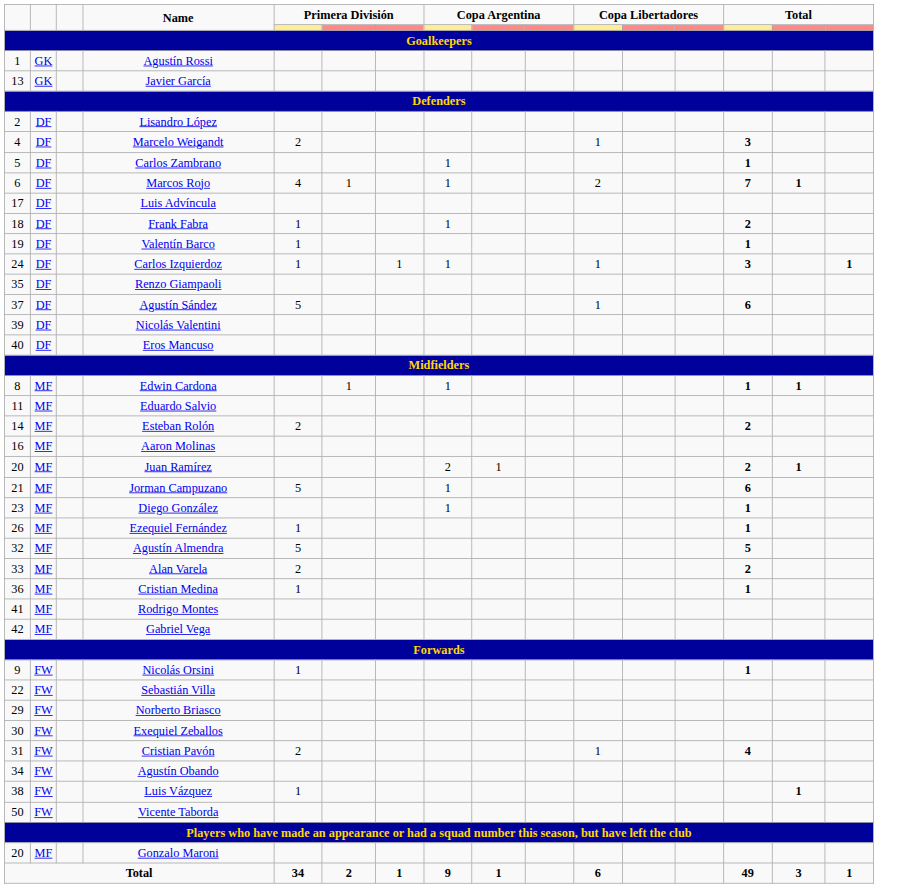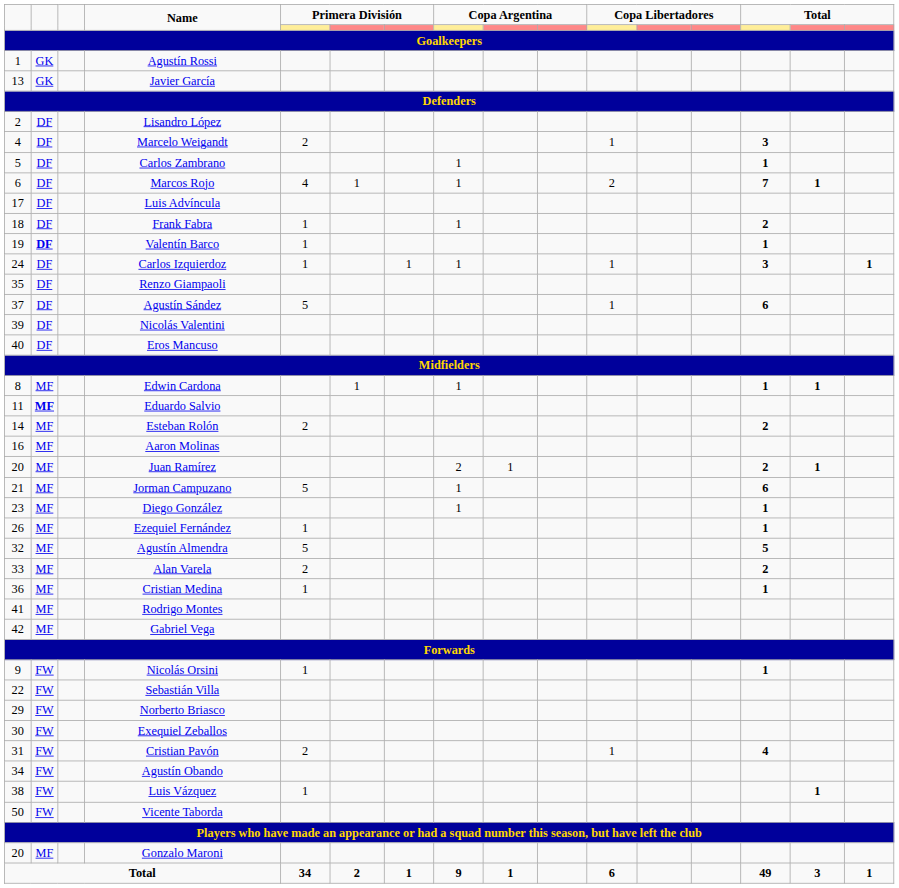 <table class="wikitable" style="font-size: 95%; text-align: center;">
 <tr>
 <td rowspan="2"  style="width:3%; text-align:center;"><strong></strong></td>
 <td rowspan="2"  style="width:3%; text-align:center;"><strong></strong></td>
 <td rowspan="2"  style="width:3%; text-align:center;"><strong></strong></td>
 <td rowspan="2"  style="width:22%; text-align:center;"><strong>Name</strong></td>
 <td colspan="3" style="text-align:center;"><strong>Primera División</strong></td>
 <td colspan="3" style="text-align:center;"><strong>Copa Argentina</strong></td>
 <td colspan="3" style="text-align:center;"><strong>Copa Libertadores</strong></td>
 <td colspan="3" style="text-align:center;"><strong>Total</strong></td>
 </tr>
 <tr>
 <th style="width:25px; background:#fe9;"></th>
 <th style="width:28px; background:#ff8888;"></th>
 <th style="width:25px; background:#ff8888;"></th>
 <th style="width:25px; background:#fe9;"></th>
 <th style="width:28px; background:#ff8888;"></th>
 <th style="width:25px; background:#ff8888;"></th>
 <th style="width:25px; background:#fe9;"></th>
 <th style="width:28px; background:#ff8888;"></th>
 <th style="width:25px; background:#ff8888;"></th>
 <th style="width:25px; background:#fe9;"></th>
 <th style="width:28px; background:#ff8888;"></th>
 <th style="width:25px; background:#ff8888;"></th>
 </tr>
 <tr>
 <th colspan="19" style="background:#00009B; color:gold; text-align:center">Goalkeepers</th>
 </tr>
 <tr>
 <td>1</td>
 <td><a href='#'>GK</a></td>
 <td></td>
 <td><a href='#'>Agustín Rossi</a></td>
 <td></td>
 <td></td>
 <td></td>
 <td></td>
 <td></td>
 <td></td>
 <td></td>
 <td></td>
 <td></td>
 <td><strong> </strong></td>
 <td><strong> </strong></td>
 <td><strong> </strong></td>
 </tr>
 <tr>
 <td>13</td>
 <td><a href='#'>GK</a></td>
 <td></td>
 <td><a href='#'>Javier García</a></td>
 <td></td>
 <td></td>
 <td></td>
 <td></td>
 <td></td>
 <td></td>
 <td></td>
 <td></td>
 <td></td>
 <td><strong> </strong></td>
 <td><strong> </strong></td>
 <td><strong> </strong></td>
 </tr>
 <tr>
 <th colspan="19" style="background:#00009B; color:gold; text-align:center">Defenders</th>
 </tr>
 <tr>
 <td>2</td>
 <td><a href='#'>DF</a></td>
 <td></td>
 <td><a href='#'>Lisandro López</a></td>
 <td></td>
 <td></td>
 <td></td>
 <td></td>
 <td></td>
 <td></td>
 <td></td>
 <td></td>
 <td></td>
 <td><strong> </strong></td>
 <td><strong> </strong></td>
 <td><strong> </strong></td>
 </tr>
 <tr>
 <td>4</td>
 <td><a href='#'>DF</a></td>
 <td></td>
 <td><a href='#'>Marcelo Weigandt</a></td>
 <td>2</td>
 <td></td>
 <td></td>
 <td></td>
 <td></td>
 <td></td>
 <td>1</td>
 <td></td>
 <td></td>
 <td><strong>3</strong></td>
 <td><strong> </strong></td>
 <td><strong> </strong></td>
 </tr>
 <tr>
 <td>5</td>
 <td><a href='#'>DF</a></td>
 <td></td>
 <td><a href='#'>Carlos Zambrano</a></td>
 <td></td>
 <td></td>
 <td></td>
 <td>1</td>
 <td></td>
 <td></td>
 <td></td>
 <td></td>
 <td></td>
 <td><strong>1</strong></td>
 <td><strong> </strong></td>
 <td><strong> </strong></td>
 </tr>
 <tr>
 <td>6</td>
 <td><a href='#'>DF</a></td>
 <td></td>
 <td><a href='#'>Marcos Rojo</a></td>
 <td>4</td>
 <td>1</td>
 <td></td>
 <td>1</td>
 <td></td>
 <td></td>
 <td>2</td>
 <td></td>
 <td></td>
 <td><strong>7</strong></td>
 <td><strong>1</strong></td>
 <td><strong> </strong></td>
 </tr>
 <tr>
 <td>17</td>
 <td><a href='#'>DF</a></td>
 <td></td>
 <td><a href='#'>Luis Advíncula</a></td>
 <td></td>
 <td></td>
 <td></td>
 <td></td>
 <td></td>
 <td></td>
 <td></td>
 <td></td>
 <td></td>
 <td><strong> </strong></td>
 <td><strong> </strong></td>
 <td><strong> </strong></td>
 </tr>
 <tr>
 <td>18</td>
 <td><a href='#'>DF</a></td>
 <td></td>
 <td><a href='#'>Frank Fabra</a></td>
 <td>1</td>
 <td></td>
 <td></td>
 <td>1</td>
 <td></td>
 <td></td>
 <td></td>
 <td></td>
 <td></td>
 <td><strong>2</strong></td>
 <td><strong> </strong></td>
 <td><strong> </strong></td>
 </tr>
 <tr>
 <td>19</td>
-<td><a href='#'>DF</a></td>
+<td><strong><a href='#'>DF</a></strong></td>
 <td></td>
 <td><a href='#'>Valentín Barco</a></td>
 <td>1</td>
 <td></td>
 <td></td>
 <td></td>
 <td></td>
 <td></td>
 <td></td>
 <td></td>
 <td></td>
 <td><strong>1</strong></td>
 <td><strong> </strong></td>
 <td><strong> </strong></td>
 </tr>
 <tr>
 <td>24</td>
 <td><a href='#'>DF</a></td>
 <td></td>
 <td><a href='#'>Carlos Izquierdoz</a></td>
 <td>1</td>
 <td></td>
 <td>1</td>
 <td>1</td>
 <td></td>
 <td></td>
 <td>1</td>
 <td></td>
 <td></td>
 <td><strong>3</strong></td>
 <td><strong> </strong></td>
 <td><strong>1</strong></td>
 </tr>
 <tr>
 <td>35</td>
 <td><a href='#'>DF</a></td>
 <td></td>
 <td><a href='#'>Renzo Giampaoli</a></td>
 <td></td>
 <td></td>
 <td></td>
 <td></td>
 <td></td>
 <td></td>
 <td></td>
 <td></td>
 <td></td>
 <td><strong> </strong></td>
 <td><strong> </strong></td>
 <td><strong> </strong></td>
 </tr>
 <tr>
 <td>37</td>
 <td><a href='#'>DF</a></td>
 <td></td>
 <td><a href='#'>Agustín Sández</a></td>
 <td>5</td>
 <td></td>
 <td></td>
 <td></td>
 <td></td>
 <td></td>
 <td>1</td>
 <td></td>
 <td></td>
 <td><strong>6</strong></td>
 <td><strong> </strong></td>
 <td><strong> </strong></td>
 </tr>
 <tr>
 <td>39</td>
 <td><a href='#'>DF</a></td>
 <td></td>
 <td><a href='#'>Nicolás Valentini</a></td>
 <td></td>
 <td></td>
 <td></td>
 <td></td>
 <td></td>
 <td></td>
 <td></td>
 <td></td>
 <td></td>
 <td><strong> </strong></td>
 <td><strong> </strong></td>
 <td><strong> </strong></td>
 </tr>
 <tr>
 <td>40</td>
 <td><a href='#'>DF</a></td>
 <td></td>
 <td><a href='#'>Eros Mancuso</a></td>
 <td></td>
 <td></td>
 <td></td>
 <td></td>
 <td></td>
 <td></td>
 <td></td>
 <td></td>
 <td></td>
 <td><strong> </strong></td>
 <td><strong> </strong></td>
 <td><strong> </strong></td>
 </tr>
 <tr>
 <th colspan="19" style="background:#00009B; color:gold; text-align:center">Midfielders</th>
 </tr>
 <tr>
 <td>8</td>
 <td><a href='#'>MF</a></td>
 <td></td>
 <td><a href='#'>Edwin Cardona</a></td>
 <td></td>
 <td>1</td>
 <td></td>
 <td>1</td>
 <td></td>
 <td></td>
 <td></td>
 <td></td>
 <td></td>
 <td><strong>1</strong></td>
 <td><strong>1</strong></td>
 <td><strong> </strong></td>
 </tr>
 <tr>
 <td>11</td>
-<td><a href='#'>MF</a></td>
+<td><strong><a href='#'>MF</a></strong></td>
 <td></td>
 <td><a href='#'>Eduardo Salvio</a></td>
 <td></td>
 <td></td>
 <td></td>
 <td></td>
 <td></td>
 <td></td>
 <td></td>
 <td></td>
 <td></td>
 <td><strong> </strong></td>
 <td><strong> </strong></td>
 <td><strong> </strong></td>
 </tr>
 <tr>
 <td>14</td>
 <td><a href='#'>MF</a></td>
 <td></td>
 <td><a href='#'>Esteban Rolón</a></td>
 <td>2</td>
 <td></td>
 <td></td>
 <td></td>
 <td></td>
 <td></td>
 <td></td>
 <td></td>
 <td></td>
 <td><strong>2</strong></td>
 <td><strong> </strong></td>
 <td><strong> </strong></td>
 </tr>
 <tr>
 <td>16</td>
 <td><a href='#'>MF</a></td>
 <td></td>
 <td><a href='#'>Aaron Molinas</a></td>
 <td></td>
 <td></td>
 <td></td>
 <td></td>
 <td></td>
 <td></td>
 <td></td>
 <td></td>
 <td></td>
 <td><strong> </strong></td>
 <td><strong> </strong></td>
 <td><strong> </strong></td>
 </tr>
 <tr>
 <td>20</td>
 <td><a href='#'>MF</a></td>
 <td></td>
 <td><a href='#'>Juan Ramírez</a></td>
 <td></td>
 <td></td>
 <td></td>
 <td>2</td>
 <td>1</td>
 <td></td>
 <td></td>
 <td></td>
 <td></td>
 <td><strong>2</strong></td>
 <td><strong>1</strong></td>
 <td><strong> </strong></td>
 </tr>
 <tr>
 <td>21</td>
 <td><a href='#'>MF</a></td>
 <td></td>
 <td><a href='#'>Jorman Campuzano</a></td>
 <td>5</td>
 <td></td>
 <td></td>
 <td>1</td>
 <td></td>
 <td></td>
 <td></td>
 <td></td>
 <td></td>
 <td><strong>6</strong></td>
 <td><strong> </strong></td>
 <td><strong> </strong></td>
 </tr>
 <tr>
 <td>23</td>
 <td><a href='#'>MF</a></td>
 <td></td>
 <td><a href='#'>Diego González</a></td>
 <td></td>
 <td></td>
 <td></td>
 <td>1</td>
 <td></td>
 <td></td>
 <td></td>
 <td></td>
 <td></td>
 <td><strong>1</strong></td>
 <td><strong> </strong></td>
 <td><strong> </strong></td>
 </tr>
 <tr>
 <td>26</td>
 <td><a href='#'>MF</a></td>
 <td></td>
 <td><a href='#'>Ezequiel Fernández</a></td>
 <td>1</td>
 <td></td>
 <td></td>
 <td></td>
 <td></td>
 <td></td>
 <td></td>
 <td></td>
 <td></td>
 <td><strong>1</strong></td>
 <td><strong> </strong></td>
 <td><strong> </strong></td>
 </tr>
 <tr>
 <td>32</td>
 <td><a href='#'>MF</a></td>
 <td></td>
 <td><a href='#'>Agustín Almendra</a></td>
 <td>5</td>
 <td></td>
 <td></td>
 <td></td>
 <td></td>
 <td></td>
 <td></td>
 <td></td>
 <td></td>
 <td><strong>5</strong></td>
 <td><strong> </strong></td>
 <td><strong> </strong></td>
 </tr>
 <tr>
 <td>33</td>
 <td><a href='#'>MF</a></td>
 <td></td>
 <td><a href='#'>Alan Varela</a></td>
 <td>2</td>
 <td></td>
 <td></td>
 <td></td>
 <td></td>
 <td></td>
 <td></td>
 <td></td>
 <td></td>
 <td><strong>2</strong></td>
 <td><strong> </strong></td>
 <td><strong> </strong></td>
 </tr>
 <tr>
 <td>36</td>
 <td><a href='#'>MF</a></td>
 <td></td>
 <td><a href='#'>Cristian Medina</a></td>
 <td>1</td>
 <td></td>
 <td></td>
 <td></td>
 <td></td>
 <td></td>
 <td></td>
 <td></td>
 <td></td>
 <td><strong>1</strong></td>
 <td><strong> </strong></td>
 <td><strong> </strong></td>
 </tr>
 <tr>
 <td>41</td>
 <td><a href='#'>MF</a></td>
 <td></td>
 <td><a href='#'>Rodrigo Montes</a></td>
 <td></td>
 <td></td>
 <td></td>
 <td></td>
 <td></td>
 <td></td>
 <td></td>
 <td></td>
 <td></td>
 <td><strong> </strong></td>
 <td><strong> </strong></td>
 <td><strong> </strong></td>
 </tr>
 <tr>
 <td>42</td>
 <td><a href='#'>MF</a></td>
 <td></td>
 <td><a href='#'>Gabriel Vega</a></td>
 <td></td>
 <td></td>
 <td></td>
 <td></td>
 <td></td>
 <td></td>
 <td></td>
 <td></td>
 <td></td>
 <td><strong> </strong></td>
 <td><strong> </strong></td>
 <td><strong> </strong></td>
 </tr>
 <tr>
 <th colspan="19" style="background:#00009B; color:gold; text-align:center">Forwards</th>
 </tr>
 <tr>
 <td>9</td>
 <td><a href='#'>FW</a></td>
 <td></td>
 <td><a href='#'>Nicolás Orsini</a></td>
 <td>1</td>
 <td></td>
 <td></td>
 <td></td>
 <td></td>
 <td></td>
 <td></td>
 <td></td>
 <td></td>
 <td><strong>1</strong></td>
 <td><strong> </strong></td>
 <td><strong> </strong></td>
 </tr>
 <tr>
 <td>22</td>
 <td><a href='#'>FW</a></td>
 <td></td>
 <td><a href='#'>Sebastián Villa</a></td>
 <td></td>
 <td></td>
 <td></td>
 <td></td>
 <td></td>
 <td></td>
 <td></td>
 <td></td>
 <td></td>
 <td><strong> </strong></td>
 <td><strong> </strong></td>
 <td><strong> </strong></td>
 </tr>
 <tr>
 <td>29</td>
 <td><a href='#'>FW</a></td>
 <td></td>
 <td><a href='#'>Norberto Briasco</a></td>
 <td></td>
 <td></td>
 <td></td>
 <td></td>
 <td></td>
 <td></td>
 <td></td>
 <td></td>
 <td></td>
 <td><strong> </strong></td>
 <td><strong> </strong></td>
 <td><strong> </strong></td>
 </tr>
 <tr>
 <td>30</td>
 <td><a href='#'>FW</a></td>
 <td></td>
 <td><a href='#'>Exequiel Zeballos</a></td>
 <td></td>
 <td></td>
 <td></td>
 <td></td>
 <td></td>
 <td></td>
 <td></td>
 <td></td>
 <td></td>
 <td><strong> </strong></td>
 <td><strong> </strong></td>
 <td><strong> </strong></td>
 </tr>
 <tr>
 <td>31</td>
 <td><a href='#'>FW</a></td>
 <td></td>
 <td><a href='#'>Cristian Pavón</a></td>
 <td>2</td>
 <td></td>
 <td></td>
 <td></td>
 <td></td>
 <td></td>
 <td>1</td>
 <td></td>
 <td></td>
 <td><strong>4</strong></td>
 <td><strong> </strong></td>
 <td><strong> </strong></td>
 </tr>
 <tr>
 <td>34</td>
 <td><a href='#'>FW</a></td>
 <td></td>
 <td><a href='#'>Agustín Obando</a></td>
 <td></td>
 <td></td>
 <td></td>
 <td></td>
 <td></td>
 <td></td>
 <td></td>
 <td></td>
 <td></td>
 <td><strong> </strong></td>
 <td><strong> </strong></td>
 <td><strong> </strong></td>
 </tr>
 <tr>
 <td>38</td>
 <td><a href='#'>FW</a></td>
 <td></td>
 <td><a href='#'>Luis Vázquez</a></td>
 <td>1</td>
 <td></td>
 <td></td>
 <td></td>
 <td></td>
 <td></td>
 <td></td>
 <td></td>
 <td></td>
 <td><strong> </strong></td>
 <td><strong>1</strong></td>
 <td><strong> </strong></td>
 </tr>
 <tr>
 <td>50</td>
 <td><a href='#'>FW</a></td>
 <td></td>
 <td><a href='#'>Vicente Taborda</a></td>
 <td></td>
 <td></td>
 <td></td>
 <td></td>
 <td></td>
 <td></td>
 <td></td>
 <td></td>
 <td></td>
 <td><strong> </strong></td>
 <td><strong> </strong></td>
 <td><strong> </strong></td>
 </tr>
 <tr>
 <th colspan="19" style="background:#00009B; color:gold; text-align:center">Players who have made an appearance or had a squad number this season, but have left the club</th>
 </tr>
 <tr>
 <td>20</td>
 <td><a href='#'>MF</a></td>
 <td></td>
 <td><a href='#'>Gonzalo Maroni</a></td>
 <td></td>
 <td></td>
 <td></td>
 <td></td>
 <td></td>
 <td></td>
 <td></td>
 <td></td>
 <td></td>
 <td><strong> </strong></td>
 <td><strong> </strong></td>
 <td><strong> </strong></td>
 </tr>
 <tr>
 <td colspan=4><strong>Total</strong></td>
 <td><strong>34</strong></td>
 <td><strong>2</strong></td>
 <td><strong>1</strong></td>
 <td><strong>9</strong></td>
 <td><strong>1</strong></td>
 <td><strong> </strong></td>
 <td><strong>6</strong></td>
 <td><strong> </strong></td>
 <td><strong> </strong></td>
 <td><strong>49</strong></td>
 <td><strong>3</strong></td>
 <td><strong>1</strong></td>
 </tr>
 </table>
